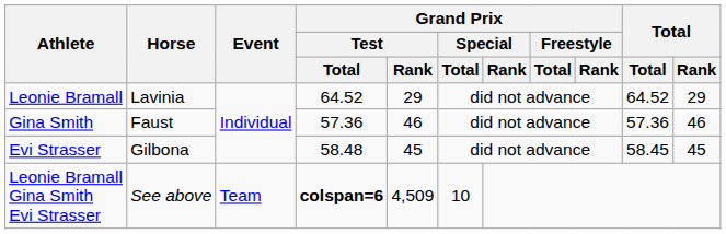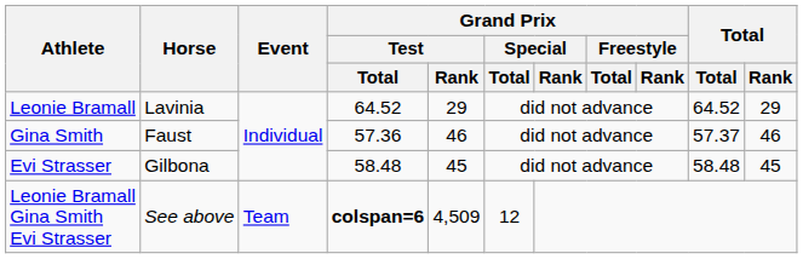 <table class=wikitable style="font-size:90%">
 <tr>
 <th rowspan="3">Athlete</th>
 <th rowspan="3">Horse</th>
 <th rowspan="3">Event</th>
 <th colspan="6">Grand Prix</th>
 <th colspan="2" rowspan="2">Total</th>
 </tr>
 <tr style="font-size:95%">
 <th colspan="2">Test</th>
 <th colspan="2">Special</th>
 <th colspan="2">Freestyle</th>
 </tr>
 <tr style="font-size:95%">
 <th colspan="1" rowspan="1">Total</th>
 <th>Rank</th>
 <th>Total</th>
 <th>Rank</th>
 <th>Total</th>
 <th>Rank</th>
 <th>Total</th>
 <th>Rank</th>
 </tr>
 <tr align=center>
 <td align=left><a href='#'>Leonie Bramall</a></td>
 <td align=left>Lavinia</td>
 <td rowspan=3 align=left><a href='#'>Individual</a></td>
 <td>64.52</td>
 <td>29</td>
 <td colspan=4>did not advance</td>
 <td>64.52</td>
 <td>29</td>
 </tr>
 <tr align=center>
 <td align=left><a href='#'>Gina Smith</a></td>
 <td align=left>Faust</td>
 <td>57.36</td>
 <td>46</td>
 <td colspan=4>did not advance</td>
-<td>57.36</td>
+<td>57.37</td>
 <td>46</td>
 </tr>
 <tr align=center>
 <td align=left><a href='#'>Evi Strasser</a></td>
 <td align=left>Gilbona</td>
 <td>58.48</td>
 <td>45</td>
 <td colspan=4>did not advance</td>
-<td>58.45</td>
+<td>58.48</td>
 <td>45</td>
 </tr>
 <tr align=center>
 <td align=left><a href='#'>Leonie Bramall</a><br><a href='#'>Gina Smith</a><br><a href='#'>Evi Strasser</a></td>
 <td align=left><em>See above</em></td>
 <td align=left><a href='#'>Team</a></td>
 <td><strong>colspan=6 </strong></td>
 <td>4,509</td>
-<td>10</td>
+<td>12</td>
 </tr>
 </table>
